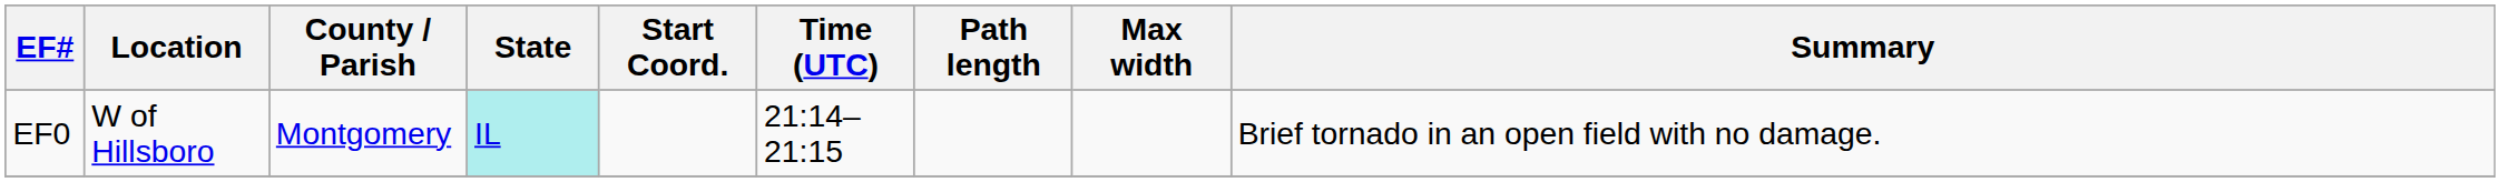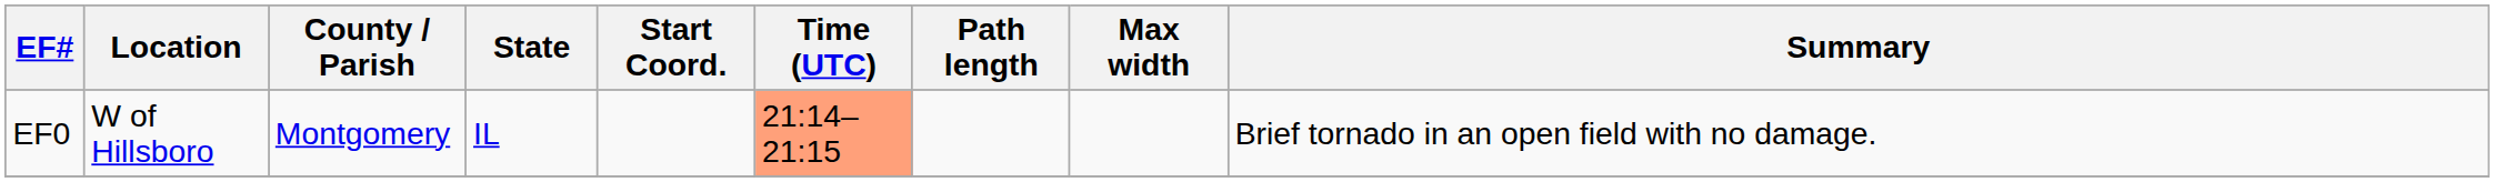 <table class="wikitable sortable" style="width:100%;">
 <tr>
 <th scope="col" width="3%" align="center"><a href='#'>EF#</a></th>
 <th scope="col" width="7%" align="center" class="unsortable">Location</th>
 <th scope="col" width="6%" align="center" class="unsortable">County / Parish</th>
 <th scope="col" width="5%" align="center">State</th>
 <th scope="col" width="6%" align="center">Start Coord.</th>
 <th scope="col" width="6%" align="center">Time (<a href='#'>UTC</a>)</th>
 <th scope="col" width="6%" align="center">Path length</th>
 <th scope="col" width="6%" align="center">Max width</th>
 <th scope="col" width="48%" class="unsortable" align="center">Summary</th>
 </tr>
 <tr>
 <td>EF0</td>
 <td>W of <a href='#'>Hillsboro</a></td>
 <td><a href='#'>Montgomery</a></td>
-<td style="background: paleturquoise;"><a href='#'>IL</a></td>
+<td><a href='#'>IL</a></td>
 <td></td>
-<td>21:14–21:15</td>
+<td style="background: lightsalmon;">21:14–21:15</td>
 <td></td>
 <td></td>
 <td>Brief tornado in an open field with no damage.</td>
 </tr>
 <tr>
 </tr>
 </table>
